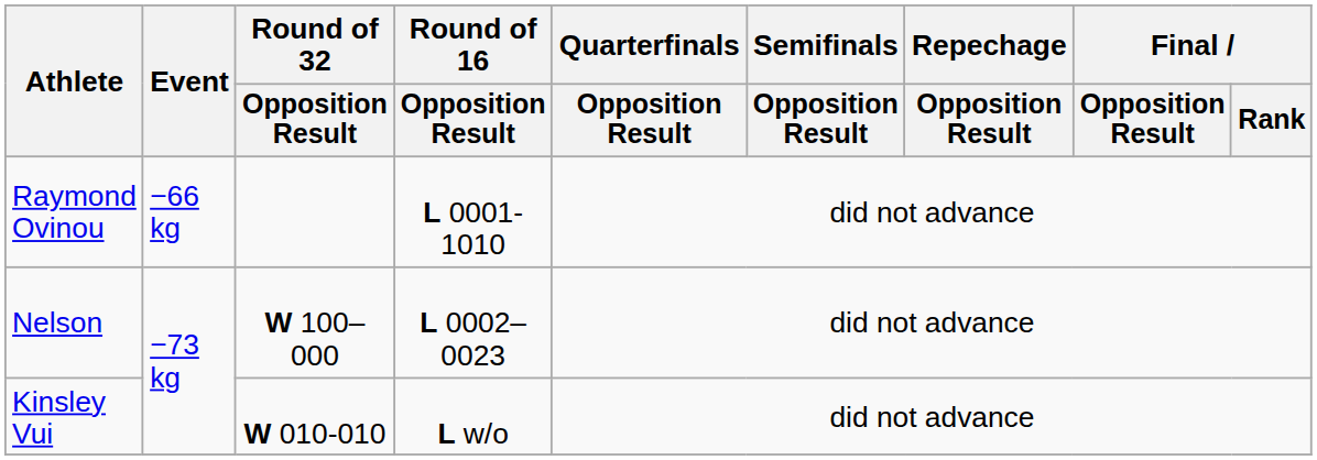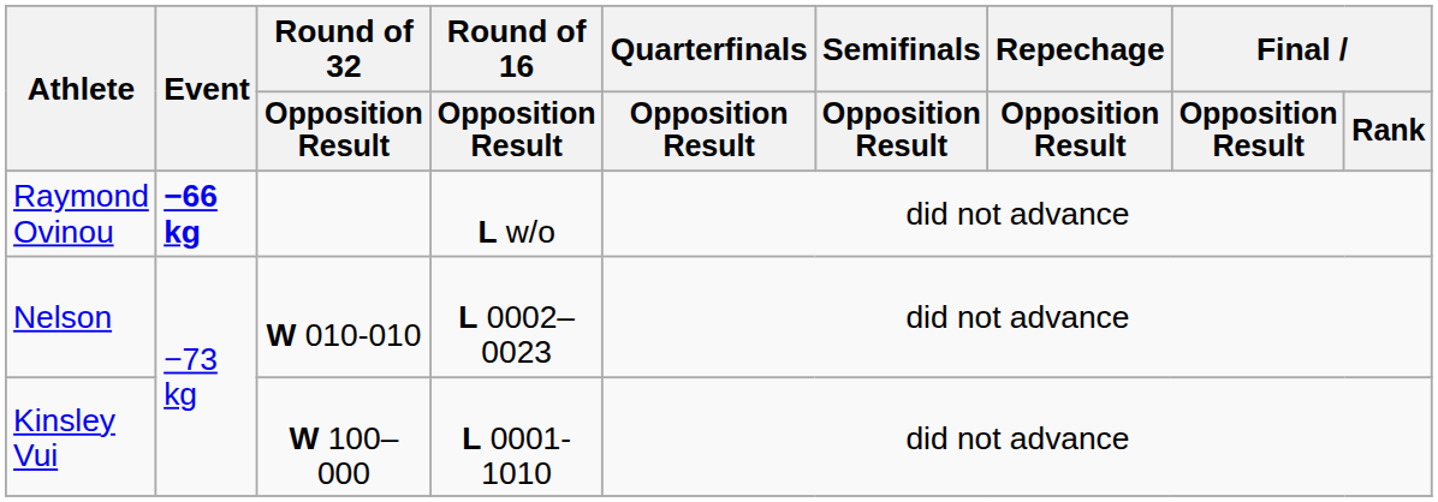 <table class="wikitable" style="font-size:90%;">
 <tr>
 <th rowspan=2>Athlete</th>
 <th rowspan=2>Event</th>
 <th>Round of 32</th>
 <th>Round of 16</th>
 <th>Quarterfinals</th>
 <th>Semifinals</th>
 <th>Repechage</th>
 <th colspan=2>Final / </th>
 </tr>
 <tr style="font-size:95%">
 <th>Opposition<br>Result</th>
 <th>Opposition<br>Result</th>
 <th>Opposition<br>Result</th>
 <th>Opposition<br>Result</th>
 <th>Opposition<br>Result</th>
 <th>Opposition<br>Result</th>
 <th>Rank</th>
 </tr>
 <tr align=center>
 <td align=left><a href='#'>Raymond Ovinou</a></td>
-<td align=left><a href='#'>−66 kg</a></td>
+<td align=left><strong><a href='#'>−66 kg</a></strong></td>
 <td></td>
-<td><br><strong>L</strong> 0001-1010</td>
+<td><br><strong>L</strong> w/o</td>
 <td colspan=5>did not advance</td>
 </tr>
 <tr align=center>
 <td align=left><a href='#'>Nelson</a></td>
 <td align=left rowspan=2><a href='#'>−73 kg</a></td>
-<td><br><strong>W</strong> 100–000</td>
+<td><br><strong>W</strong> 010-010</td>
 <td><br><strong>L</strong> 0002–0023</td>
 <td colspan=5>did not advance</td>
 </tr>
 <tr align=center>
 <td align=left><a href='#'>Kinsley Vui</a></td>
-<td><br><strong>W</strong> 010-010</td>
-<td><br><strong>L</strong> w/o</td>
+<td><br><strong>W</strong> 100–000</td>
+<td><br><strong>L</strong> 0001-1010</td>
 <td colspan=5>did not advance</td>
 </tr>
 </table>
